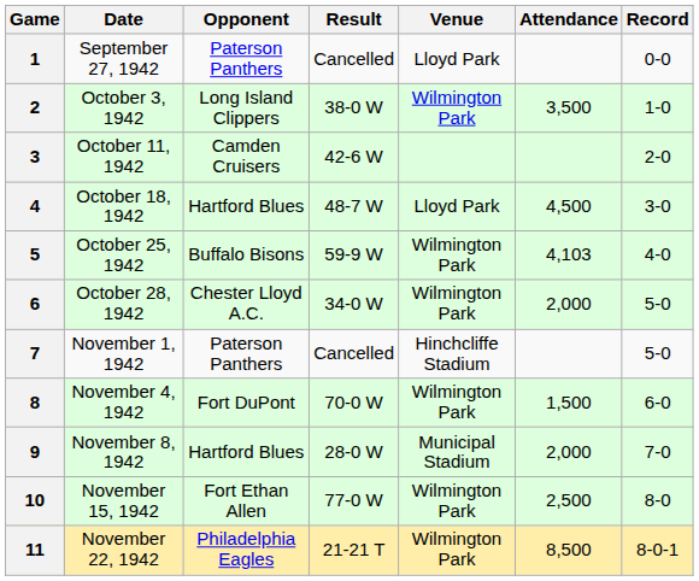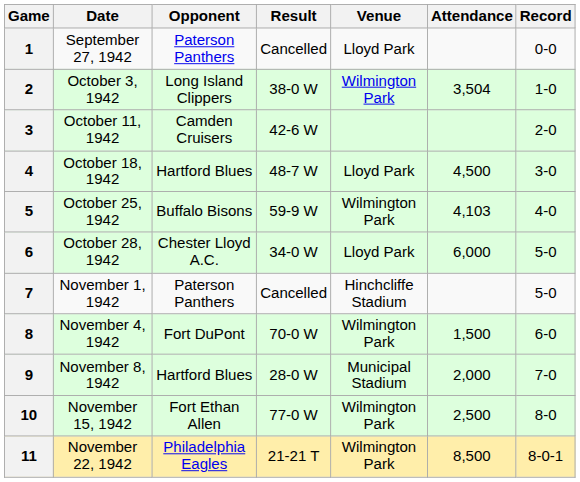 <table class="wikitable" style="text-align:center">
 <tr>
 <th>Game</th>
 <th>Date</th>
 <th>Opponent</th>
 <th>Result</th>
 <th>Venue</th>
 <th>Attendance</th>
 <th>Record</th>
 </tr>
 <tr style="background:">
 <th scope="row">1</th>
 <td>September 27, 1942</td>
 <td><a href='#'>Paterson Panthers</a></td>
 <td>Cancelled</td>
 <td>Lloyd Park</td>
 <td></td>
 <td>0-0</td>
 </tr>
 <tr style="background:#dfd;">
 <th scope="row">2</th>
 <td>October 3, 1942</td>
 <td>Long Island Clippers</td>
 <td>38-0 W</td>
 <td><a href='#'>Wilmington Park</a></td>
-<td>3,500</td>
+<td>3,504</td>
 <td>1-0</td>
 </tr>
 <tr style="background:#dfd;">
 <th scope="row">3</th>
 <td>October 11, 1942</td>
 <td>Camden Cruisers</td>
 <td>42-6 W</td>
 <td></td>
 <td></td>
 <td>2-0</td>
 </tr>
 <tr style="background:#dfd;">
 <th scope="row">4</th>
 <td>October 18, 1942</td>
 <td>Hartford Blues</td>
 <td>48-7 W</td>
 <td>Lloyd Park</td>
 <td>4,500</td>
 <td>3-0</td>
 </tr>
 <tr style="background:#dfd;">
 <th scope="row">5</th>
 <td>October 25, 1942</td>
 <td>Buffalo Bisons</td>
 <td>59-9 W</td>
 <td>Wilmington Park</td>
 <td>4,103</td>
 <td>4-0</td>
 </tr>
 <tr style="background:#dfd;">
 <th scope="row">6</th>
 <td>October 28, 1942</td>
 <td>Chester Lloyd A.C.</td>
 <td>34-0 W</td>
-<td>Wilmington Park</td>
-<td>2,000</td>
+<td>Lloyd Park</td>
+<td>6,000</td>
 <td>5-0</td>
 </tr>
 <tr style="background:">
 <th scope="row">7</th>
 <td>November 1, 1942</td>
 <td>Paterson Panthers</td>
 <td>Cancelled</td>
 <td>Hinchcliffe Stadium</td>
 <td></td>
 <td>5-0</td>
 </tr>
 <tr style="background:#dfd;">
 <th scope="row">8</th>
 <td>November 4, 1942</td>
 <td>Fort DuPont</td>
 <td>70-0 W</td>
 <td>Wilmington Park</td>
 <td>1,500</td>
 <td>6-0</td>
 </tr>
 <tr style="background:#dfd;">
 <th scope="row">9</th>
 <td>November 8, 1942</td>
 <td>Hartford Blues</td>
 <td>28-0 W</td>
 <td>Municipal Stadium</td>
 <td>2,000</td>
 <td>7-0</td>
 </tr>
 <tr style="background:#dfd;">
 <th scope="row">10</th>
 <td>November 15, 1942</td>
 <td>Fort Ethan Allen</td>
 <td>77-0 W</td>
 <td>Wilmington Park</td>
 <td>2,500</td>
 <td>8-0</td>
 </tr>
 <tr style="background:#fea;">
 <th scope="row">11</th>
 <td>November 22, 1942</td>
 <td><a href='#'>Philadelphia Eagles</a></td>
 <td>21-21 T</td>
 <td>Wilmington Park</td>
 <td>8,500</td>
 <td>8-0-1</td>
 </tr>
 </table>
